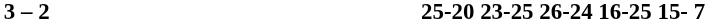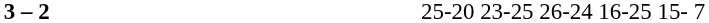 <table>
 <tr>
 <th width=200></th>
 <th width=80></th>
 <th width=200></th>
 <th width=220></th>
 </tr>
 <tr style=font-size:90%>
 <td align=right><strong></strong></td>
 <td align=center><strong>3 – 2</strong></td>
 <td></td>
-<td><strong>25-20 23-25 26-24 16-25 15- 7</strong></td>
+<td>25-20 23-25 26-24 16-25 15- 7</td>
 </tr>
 </table>
